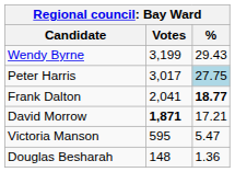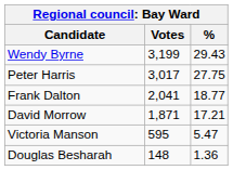 <table class="wikitable">
 <tr>
 <th colspan="3"><a href='#'>Regional council</a>: Bay Ward</th>
 </tr>
 <tr>
 <th style="width: 170px">Candidate</th>
 <th style="width: 50px">Votes</th>
 <th style="width: 40px">%</th>
 </tr>
 <tr>
 <td><a href='#'>Wendy Byrne</a></td>
 <td>3,199</td>
 <td>29.43</td>
 </tr>
 <tr>
 <td>Peter Harris</td>
 <td>3,017</td>
-<td style="background: lightblue;">27.75</td>
+<td>27.75</td>
 </tr>
 <tr>
 <td>Frank Dalton</td>
 <td>2,041</td>
-<td><strong>18.77</strong></td>
+<td>18.77</td>
 </tr>
 <tr>
 <td>David Morrow</td>
-<td><strong>1,871</strong></td>
+<td>1,871</td>
 <td>17.21</td>
 </tr>
 <tr>
 <td>Victoria Manson</td>
 <td>595</td>
 <td>5.47</td>
 </tr>
 <tr>
 <td>Douglas Besharah</td>
 <td>148</td>
 <td>1.36</td>
 </tr>
 </table>
